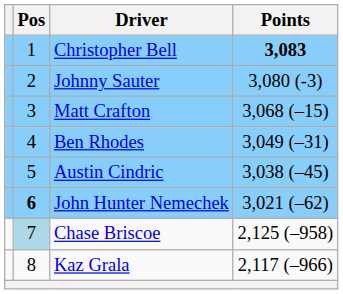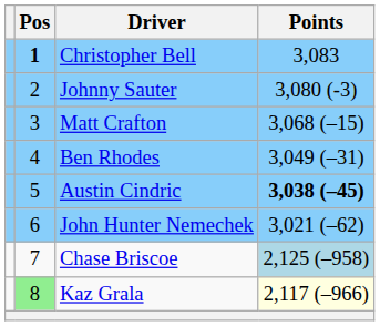 <table class="wikitable" style="font-size: 95%;">
 <tr>
 <th></th>
 <th>Pos</th>
 <th>Driver</th>
 <th>Points</th>
 </tr>
 <tr style="background:#87CEFA;">
 <td align="left"></td>
-<td style="text-align:center;">1</td>
+<td style="text-align:center;"><strong>1</strong></td>
 <td><a href='#'>Christopher Bell</a></td>
-<td style="text-align:center;"><strong>3,083</strong></td>
+<td style="text-align:center;">3,083</td>
 </tr>
 <tr style="background:#87CEFA;">
 <td align="left"></td>
 <td style="text-align:center;">2</td>
 <td><a href='#'>Johnny Sauter</a></td>
 <td style="text-align:center;">3,080 (-3)</td>
 </tr>
 <tr style="background:#87CEFA;">
 <td align="left"></td>
 <td style="text-align:center;">3</td>
 <td><a href='#'>Matt Crafton</a></td>
 <td style="text-align:center;">3,068 (–15)</td>
 </tr>
 <tr style="background:#87CEFA;">
 <td align="left"></td>
 <td style="text-align:center;">4</td>
 <td><a href='#'>Ben Rhodes</a></td>
 <td style="text-align:center;">3,049 (–31)</td>
 </tr>
 <tr style="background:#87CEFA;">
 <td align="left"></td>
 <td style="text-align:center;">5</td>
 <td><a href='#'>Austin Cindric</a></td>
-<td style="text-align:center;">3,038 (–45)</td>
+<td style="text-align:center;"><strong>3,038 (–45)</strong></td>
 </tr>
 <tr style="background:#87CEFA;">
 <td align="left"></td>
-<td style="text-align:center;"><strong>6</strong></td>
+<td style="text-align:center;">6</td>
 <td><a href='#'>John Hunter Nemechek</a></td>
 <td style="text-align:center;">3,021 (–62)</td>
 </tr>
 <tr>
 <td align="left"></td>
-<td style="background: lightblue; text-align:center;">7</td>
+<td style="text-align:center;">7</td>
 <td><a href='#'>Chase Briscoe</a></td>
-<td style="text-align:center;">2,125 (–958)</td>
+<td style="background: lightblue; text-align:center;">2,125 (–958)</td>
 </tr>
 <tr>
 <td align="left"></td>
-<td style="text-align:center;">8</td>
+<td style="background: lightgreen; text-align:center;">8</td>
 <td><a href='#'>Kaz Grala</a></td>
-<td style="text-align:center;">2,117 (–966)</td>
+<td style="background: lightyellow; text-align:center;">2,117 (–966)</td>
 </tr>
 <tr class="sortbottom">
 <th colspan="9"></th>
 </tr>
 </table>
